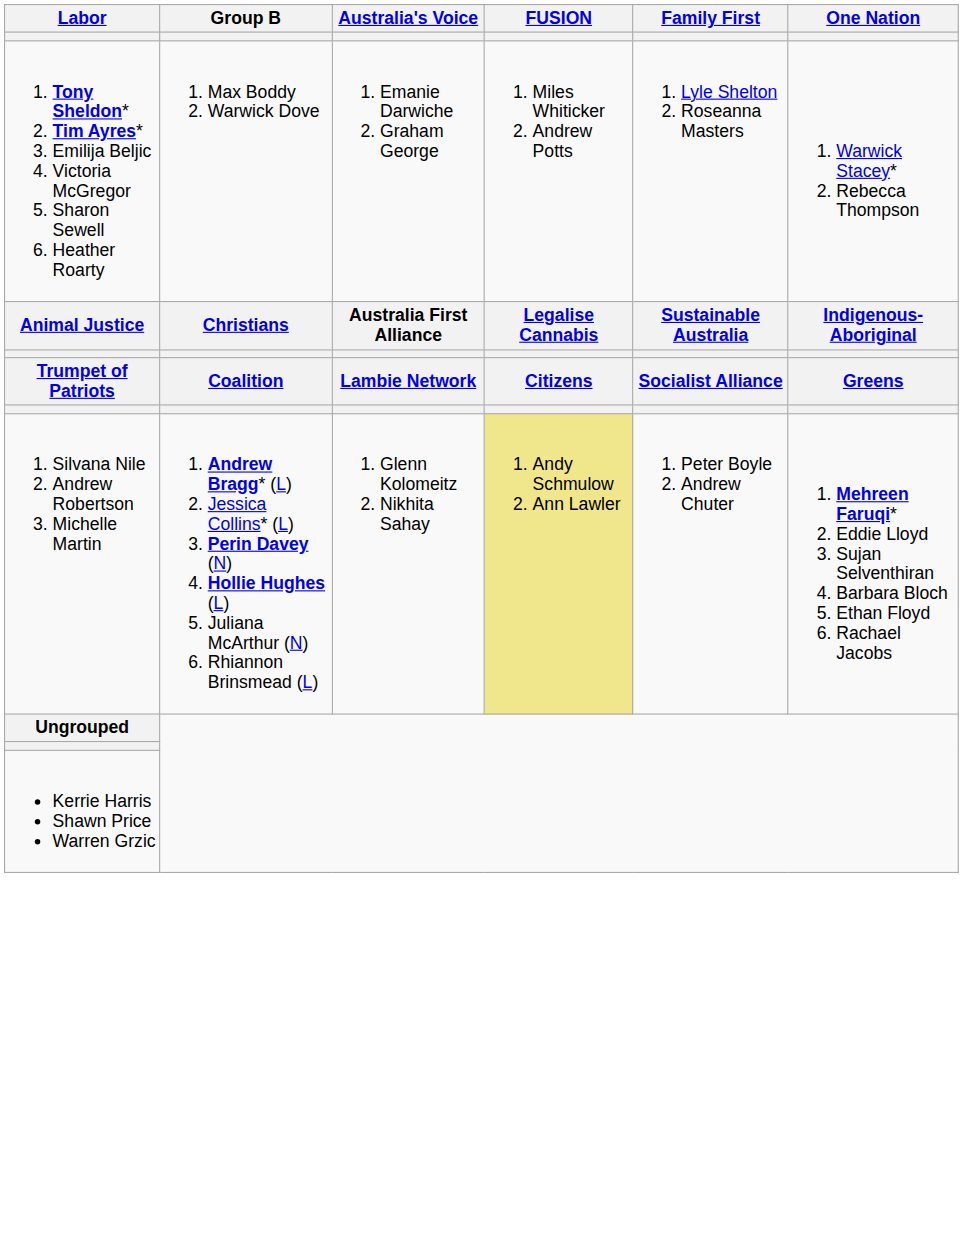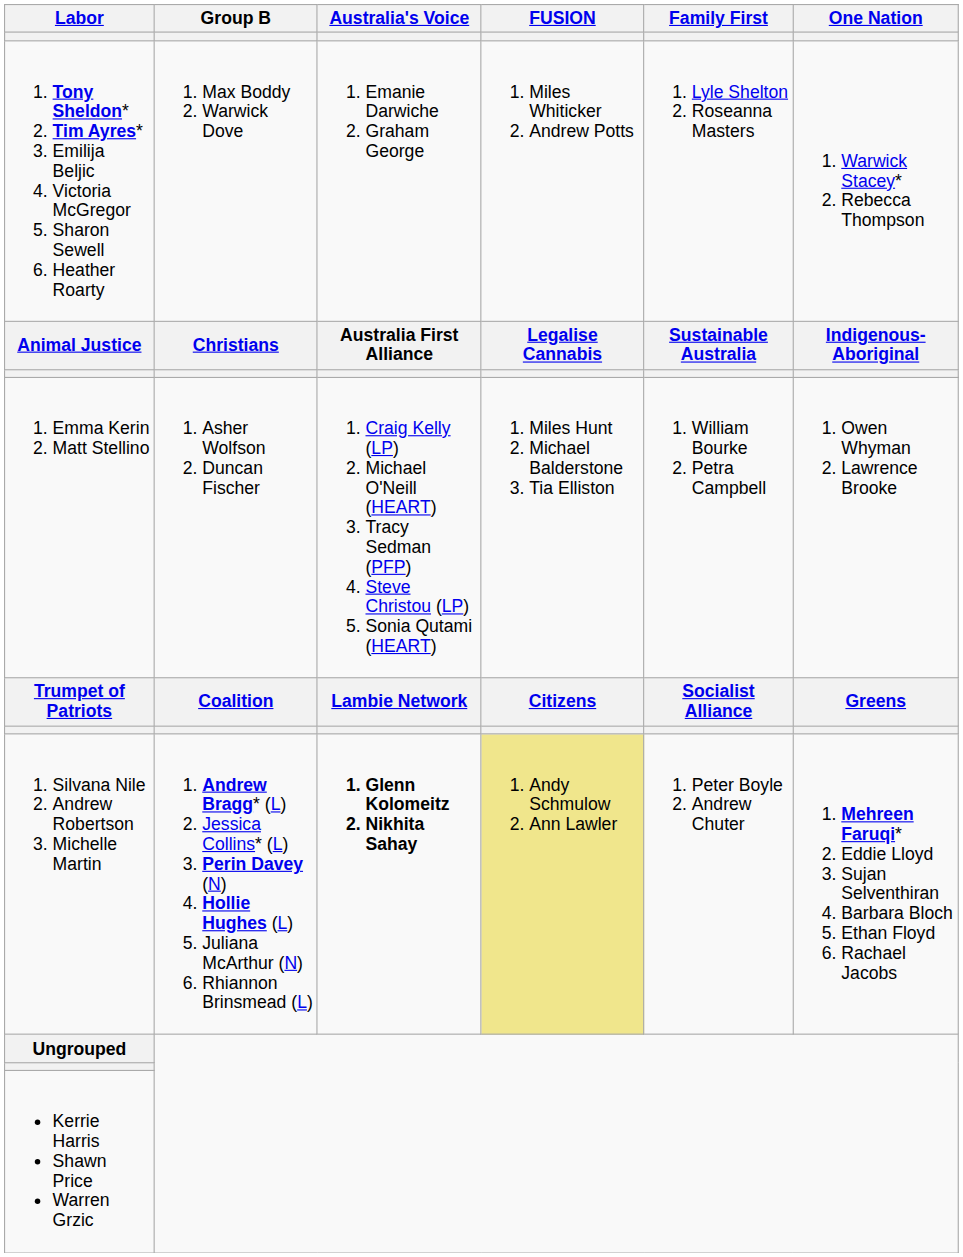 <table class=wikitable>
 <tr>
 <th><a href='#'>Labor</a></th>
 <th>Group B</th>
 <th><a href='#'>Australia's Voice</a></th>
 <th><a href='#'>FUSION</a></th>
 <th><a href='#'>Family First</a></th>
 <th><a href='#'>One Nation</a></th>
 </tr>
 <tr style=background:#ccc>
 <th></th>
 <th></th>
 <th></th>
 <th></th>
 <th></th>
 <th></th>
 </tr>
 <tr>
 <td><br><ol> <li> <strong><a href='#'>Tony Sheldon</a></strong>* <li> <strong><a href='#'>Tim Ayres</a></strong>* <li> Emilija Beljic <li> Victoria McGregor <li> Sharon Sewell <li> Heather Roarty </ol></td>
 <td valign=top><br><ol> <li> Max Boddy <li> Warwick Dove </ol></td>
 <td valign=top><br><ol> <li> Emanie Darwiche <li> Graham George </ol></td>
 <td valign="top"><br><ol> <li> Miles Whiticker <li> Andrew Potts </ol></td>
 <td valign="top"><br><ol> <li> <a href='#'>Lyle Shelton</a> <li> Roseanna Masters </ol></td>
 <td><br><ol> <li> <a href='#'>Warwick Stacey</a>* <li> Rebecca Thompson </ol></td>
 </tr>
 <tr>
 <th><a href='#'>Animal Justice</a></th>
 <th><a href='#'>Christians</a></th>
 <th>Australia First Alliance</th>
 <th><a href='#'>Legalise Cannabis</a></th>
 <th><a href='#'>Sustainable Australia</a></th>
 <th><a href='#'>Indigenous-Aboriginal</a></th>
 </tr>
 <tr>
 <th></th>
 <th></th>
 <th></th>
 <th></th>
 <th></th>
 <th></th>
 </tr>
 <tr>
+<td valign=top><br><ol> <li> Emma Kerin <li> Matt Stellino </ol></td>
+<td valign=top><br><ol> <li> Asher Wolfson <li> Duncan Fischer </ol></td>
+<td valign=top><br><ol> <li> <a href='#'>Craig Kelly</a> (<a href='#'>LP</a>) <li> Michael O'Neill (<a href='#'>HEART</a>) <li> Tracy Sedman (<a href='#'>PFP</a>) <li> <a href='#'>Steve Christou</a> (<a href='#'>LP</a>) <li> Sonia Qutami (<a href='#'>HEART</a>) </ol></td>
+<td valign=top><br><ol> <li> Miles Hunt <li> Michael Balderstone <li> Tia Elliston </ol></td>
+<td valign=top><br><ol> <li> William Bourke <li> Petra Campbell</ol></td>
+<td valign=top><br><ol> <li> Owen Whyman <li> Lawrence Brooke </ol></td>
+</tr>
+<tr>
 <th><a href='#'>Trumpet of Patriots</a></th>
 <th><a href='#'>Coalition</a></th>
 <th><a href='#'>Lambie Network</a></th>
 <th><a href='#'>Citizens</a></th>
 <th><a href='#'>Socialist Alliance</a></th>
 <th><a href='#'>Greens</a></th>
 </tr>
 <tr>
 <th></th>
 <th></th>
 <th></th>
 <th></th>
 <th></th>
 <th></th>
 </tr>
 <tr>
 <td valign=top><br><ol> <li> Silvana Nile <li> Andrew Robertson <li> Michelle Martin </ol></td>
 <td><br><ol> <li> <strong><a href='#'>Andrew Bragg</a></strong>* (<a href='#'>L</a>) <li> <a href='#'>Jessica Collins</a>* (<a href='#'>L</a>) <li> <strong><a href='#'>Perin Davey</a></strong> (<a href='#'>N</a>) <li> <strong><a href='#'>Hollie Hughes</a></strong> (<a href='#'>L</a>) <li> Juliana McArthur (<a href='#'>N</a>) <li> Rhiannon Brinsmead (<a href='#'>L</a>)</ol></td>
-<td valign=top><br><ol> <li> Glenn Kolomeitz <li> Nikhita Sahay </ol></td>
+<td valign=top><strong><br><ol> <li> Glenn Kolomeitz <li> Nikhita Sahay </ol></strong></td>
 <td valign=top style="background: khaki;"><br><ol> <li> Andy Schmulow <li> Ann Lawler </ol></td>
 <td valign=top><br><ol> <li> Peter Boyle <li> Andrew Chuter </ol></td>
 <td><br><ol> <li> <strong><a href='#'>Mehreen Faruqi</a></strong>* <li> Eddie Lloyd <li> Sujan Selventhiran <li> Barbara Bloch <li> Ethan Floyd <li> Rachael Jacobs </ol></td>
 </tr>
 <tr>
 <th>Ungrouped</th>
 </tr>
 <tr>
 <th></th>
 </tr>
 <tr>
 <td valign=top><br><ul> <li> Kerrie Harris <li> Shawn Price <li> Warren Grzic </ul></td>
 </tr>
 </table>
